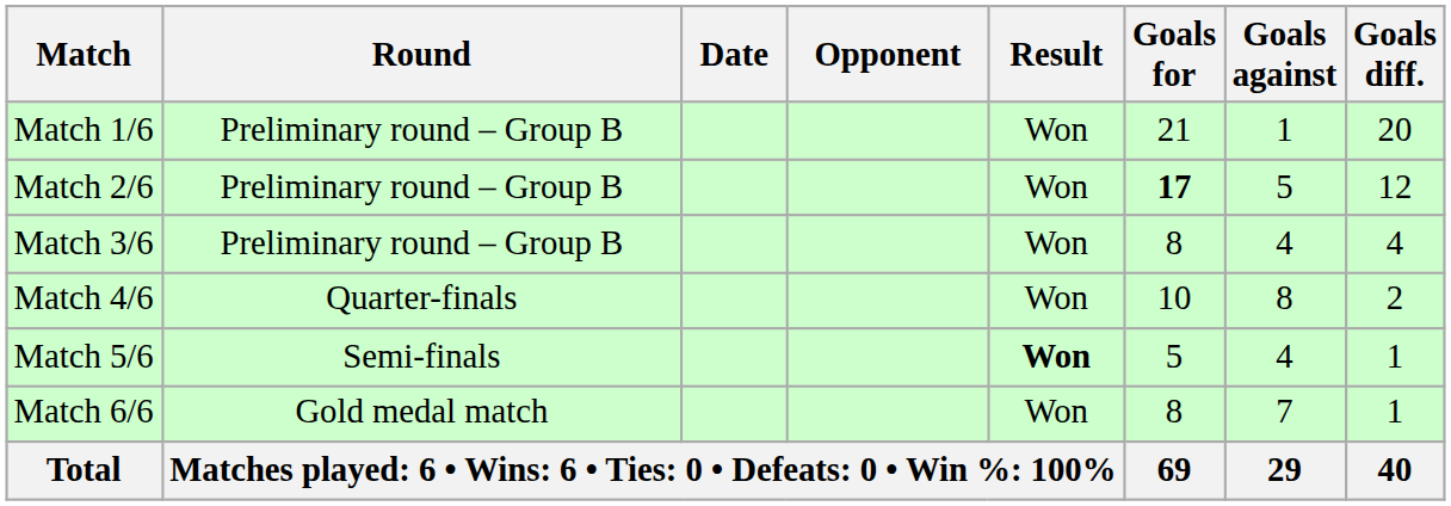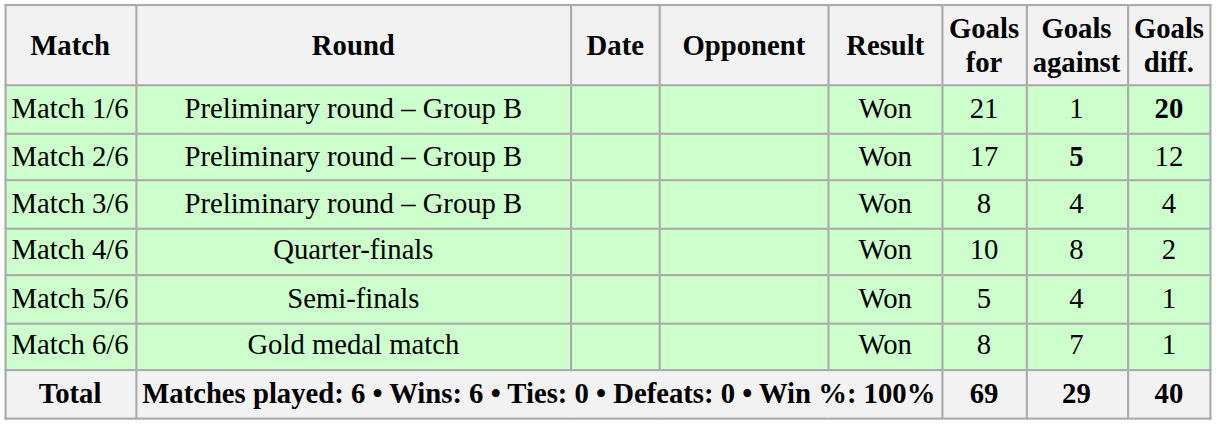 <table class="wikitable sortable" style="text-align: center; font-size: 85%; margin-left: 1em;">
 <tr>
 <th>Match</th>
 <th>Round</th>
 <th>Date</th>
 <th>Opponent</th>
 <th>Result</th>
 <th>Goals<br>for</th>
 <th>Goals<br>against</th>
 <th>Goals<br>diff.</th>
 </tr>
 <tr style="background-color: #ccffcc;">
 <td>Match 1/6</td>
 <td>Preliminary round – Group B</td>
 <td style="text-align: right;"></td>
 <td style="text-align: left;"></td>
 <td>Won</td>
 <td>21</td>
 <td>1</td>
-<td>20</td>
+<td><strong>20</strong></td>
 </tr>
 <tr style="background-color: #ccffcc;">
 <td>Match 2/6</td>
 <td>Preliminary round – Group B</td>
 <td style="text-align: right;"></td>
 <td style="text-align: left;"></td>
 <td>Won</td>
-<td><strong>17</strong></td>
-<td>5</td>
+<td>17</td>
+<td><strong>5</strong></td>
 <td>12</td>
 </tr>
 <tr style="background-color: #ccffcc;">
 <td>Match 3/6</td>
 <td>Preliminary round – Group B</td>
 <td style="text-align: right;"></td>
 <td style="text-align: left;"></td>
 <td>Won</td>
 <td>8</td>
 <td>4</td>
 <td>4</td>
 </tr>
 <tr style="background-color: #ccffcc;">
 <td>Match 4/6</td>
 <td>Quarter-finals</td>
 <td style="text-align: right;"></td>
 <td style="text-align: left;"></td>
 <td>Won</td>
 <td>10</td>
 <td>8</td>
 <td>2</td>
 </tr>
 <tr style="background-color: #ccffcc;">
 <td>Match 5/6</td>
 <td>Semi-finals</td>
 <td style="text-align: right;"></td>
 <td style="text-align: left;"></td>
-<td><strong>Won</strong></td>
+<td>Won</td>
 <td>5</td>
 <td>4</td>
 <td>1</td>
 </tr>
 <tr style="background-color: #ccffcc;">
 <td>Match 6/6</td>
 <td>Gold medal match</td>
 <td style="text-align: right;"></td>
 <td style="text-align: left;"></td>
 <td>Won</td>
 <td>8</td>
 <td>7</td>
 <td>1</td>
 </tr>
 <tr>
 <th>Total</th>
 <th colspan="4">Matches played: 6 • Wins: 6 • Ties: 0 • Defeats: 0 • Win %: 100%</th>
 <th>69</th>
 <th>29</th>
 <th>40</th>
 </tr>
 </table>
